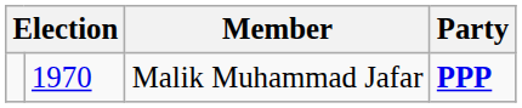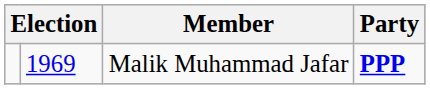 <table class="wikitable">
 <tr>
 <th colspan="2">Election</th>
 <th>Member</th>
 <th>Party</th>
 </tr>
 <tr>
 <td style="background-color: "></td>
-<td><a href='#'>1970</a></td>
+<td><a href='#'>1969</a></td>
 <td>Malik Muhammad Jafar</td>
 <td><strong><a href='#'>PPP</a></strong></td>
 </tr>
 </table>
